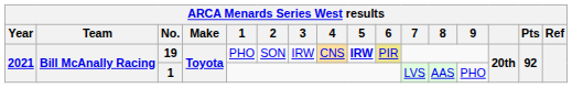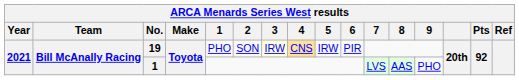 <table class="wikitable" style="text-align:center; font-size:75%">
 <tr>
 <th colspan="16"><a href='#'>ARCA Menards Series West</a> results</th>
 </tr>
 <tr>
 <th>Year</th>
 <th>Team</th>
 <th>No.</th>
 <th>Make</th>
 <th>1</th>
 <th>2</th>
 <th>3</th>
 <th>4</th>
 <th>5</th>
 <th>6</th>
 <th>7</th>
 <th>8</th>
 <th>9</th>
 <th></th>
 <th>Pts</th>
 <th>Ref</th>
 </tr>
 <tr>
 <th rowspan=2><a href='#'>2021</a></th>
 <th rowspan=2><a href='#'>Bill McAnally Racing</a></th>
 <th>19</th>
 <th rowspan=2><a href='#'>Toyota</a></th>
 <td><a href='#'>PHO</a></td>
 <td><a href='#'>SON</a></td>
+<td style="background: lightyellow;"><a href='#'>IRW</a></td>
+<td style="background:#FFDF9F;"><a href='#'>CNS</a><br></td>
 <td><a href='#'>IRW</a></td>
-<td style="background:#FFDF9F;"><a href='#'>CNS</a><br></td>
-<td><strong><a href='#'>IRW</a></strong></td>
-<td style="background: khaki;"><a href='#'>PIR</a></td>
+<td><a href='#'>PIR</a></td>
 <td colspan=3></td>
 <th rowspan=2>20th</th>
 <th rowspan=2>92</th>
 <th rowspan=2></th>
 </tr>
 <tr>
 <th>1</th>
 <td colspan=6></td>
 <td style="background:#DFFFDF;"><a href='#'>LVS</a><br></td>
 <td style="background:#DFFFDF;"><a href='#'>AAS</a><br></td>
 <td><a href='#'>PHO</a></td>
 </tr>
 </table>
